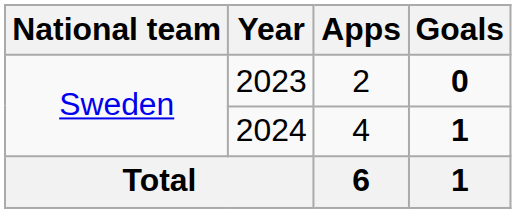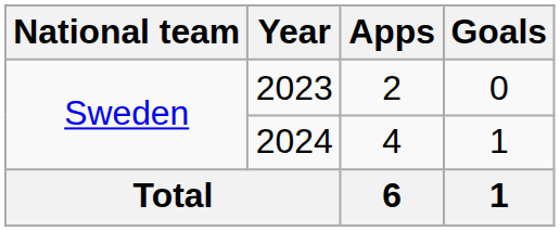 <table class="wikitable" style="text-align:center">
 <tr>
 <th>National team</th>
 <th>Year</th>
 <th>Apps</th>
 <th>Goals</th>
 </tr>
 <tr>
 <td rowspan="2"><a href='#'>Sweden</a></td>
 <td>2023</td>
 <td>2</td>
-<td><strong>0</strong></td>
+<td>0</td>
 </tr>
 <tr>
 <td>2024</td>
 <td>4</td>
-<td><strong>1</strong></td>
+<td>1</td>
 </tr>
 <tr>
 <th colspan="2">Total</th>
 <th>6</th>
 <th>1</th>
 </tr>
 </table>
